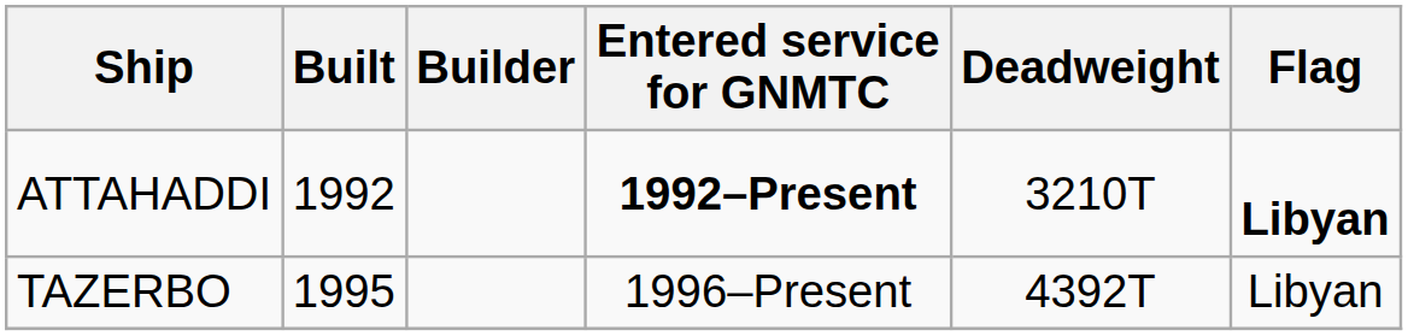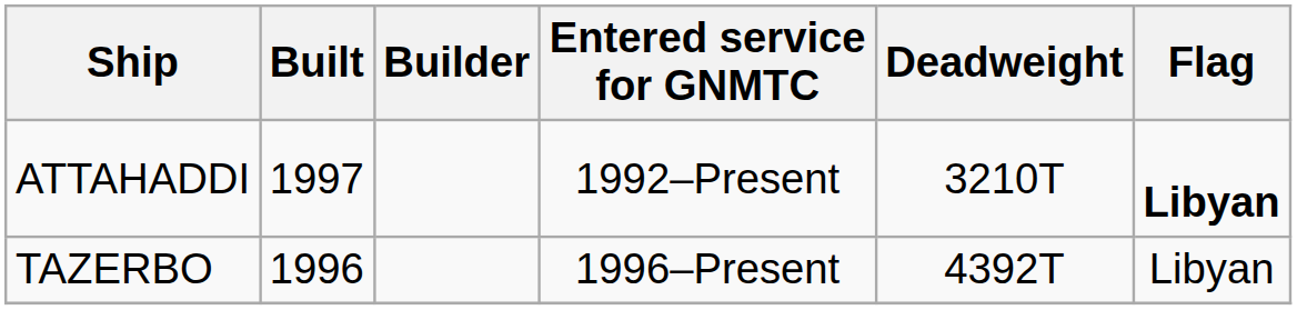 <table class="wikitable">
 <tr>
 <th>Ship</th>
 <th>Built</th>
 <th>Builder</th>
 <th>Entered service <br>for GNMTC</th>
 <th>Deadweight</th>
 <th>Flag</th>
 </tr>
 <tr>
 <td>ATTAHADDI</td>
-<td align="Center">1992</td>
+<td align="Center">1997</td>
 <td align="Center"></td>
-<td align="Center"><strong>1992–Present</strong></td>
+<td align="Center">1992–Present</td>
 <td align="Center">3210T</td>
 <td><strong><br>Libyan</strong></td>
 </tr>
 <tr>
 <td>TAZERBO</td>
-<td align="Center">1995</td>
+<td align="Center">1996</td>
 <td align="Center"></td>
 <td align="Center">1996–Present</td>
 <td align="Center">4392T</td>
 <td align="Center">Libyan</td>
 </tr>
 <tr>
 </tr>
 </table>
